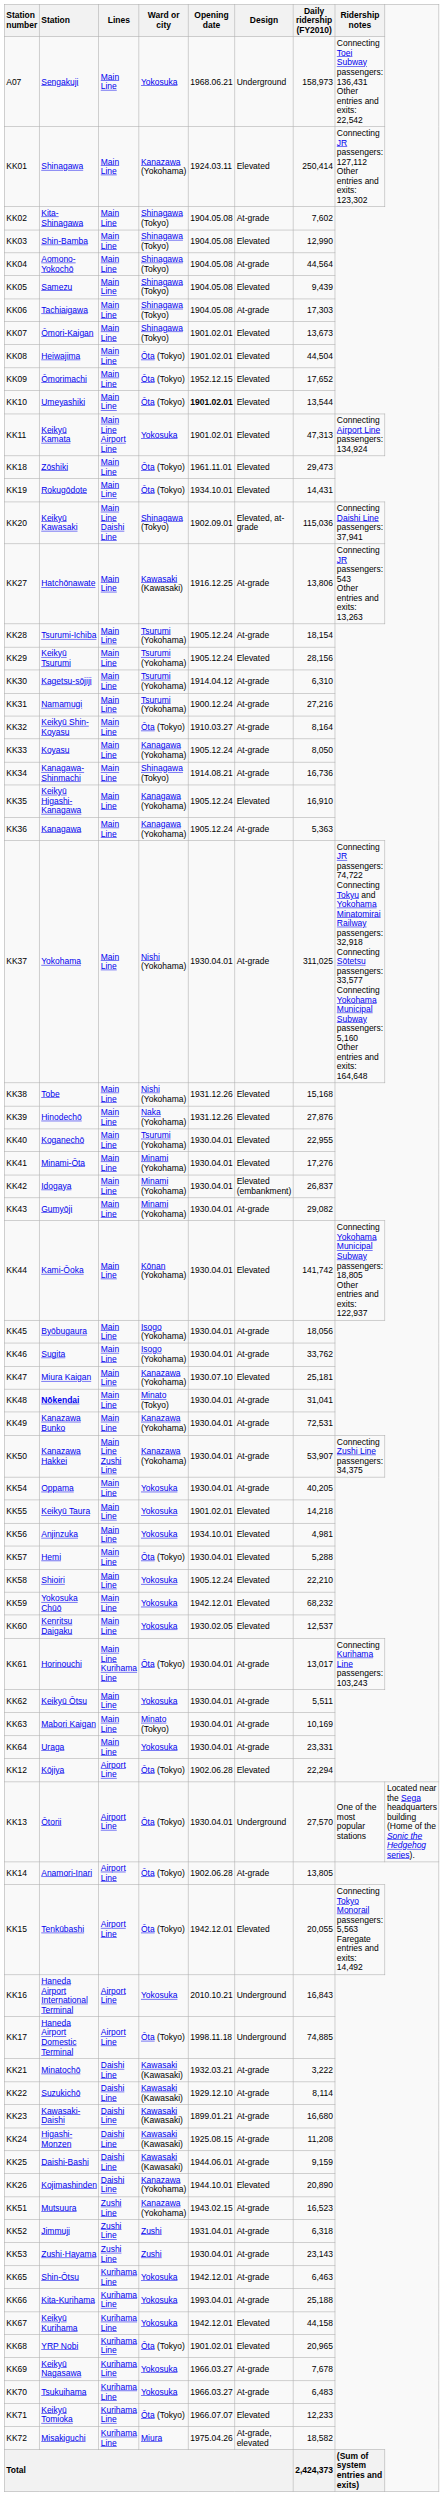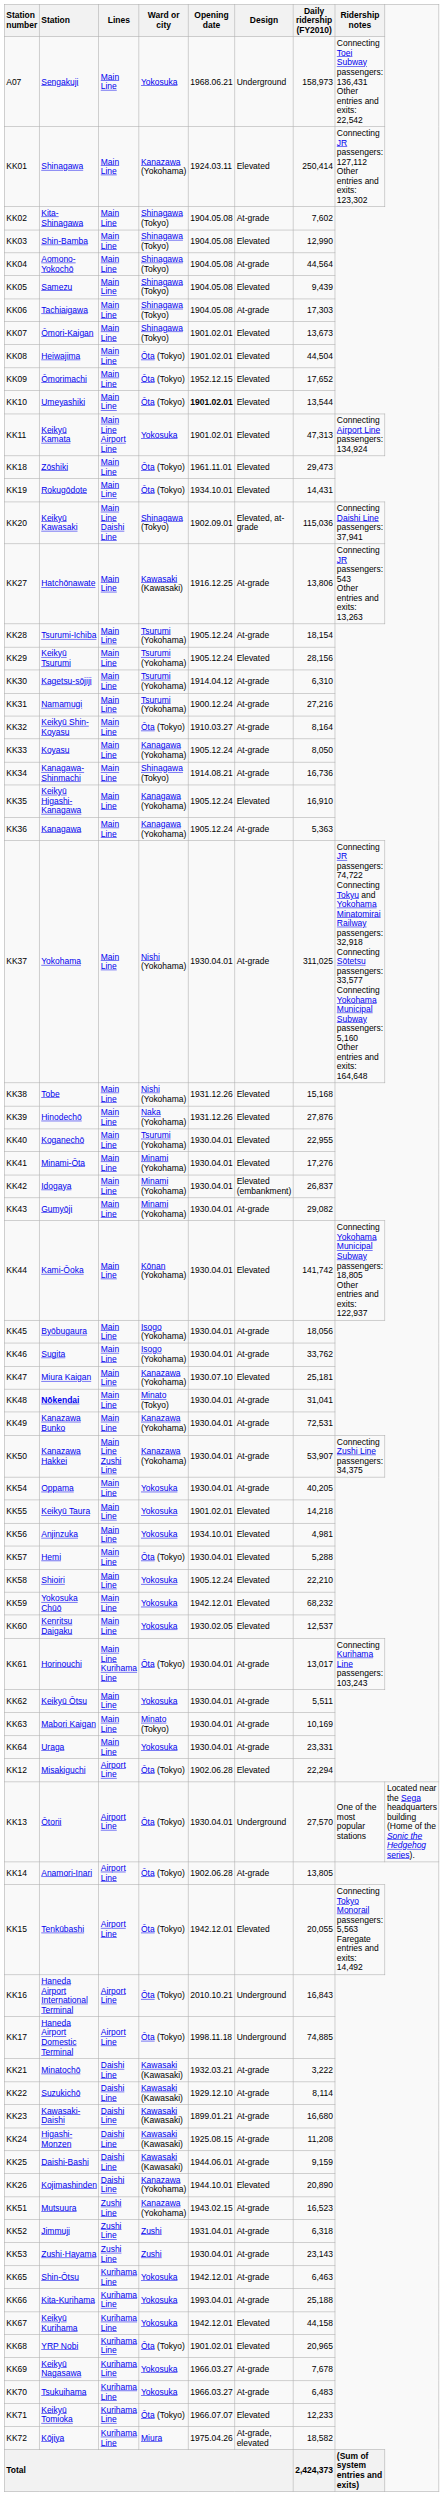 <table class="wikitable sortable">
 <tr>
 <th style="text-align:left">Station number</th>
 <th style="text-align:left">Station</th>
 <th>Lines</th>
 <th>Ward or city</th>
 <th>Opening date</th>
 <th>Design</th>
 <th>Daily ridership<br>(FY2010)</th>
 <th width="275">Ridership notes</th>
 </tr>
 <tr>
 <td>A07</td>
 <td><a href='#'>Sengakuji</a></td>
 <td><a href='#'>Main Line</a></td>
 <td><a href='#'>Yokosuka</a></td>
 <td>1968.06.21</td>
 <td>Underground</td>
 <td style=text-align:right>158,973</td>
 <td>Connecting <a href='#'>Toei Subway</a> passengers: 136,431<br>Other entries and exits: 22,542</td>
 </tr>
 <tr>
 <td>KK01</td>
 <td><a href='#'>Shinagawa</a></td>
 <td><a href='#'>Main Line</a></td>
 <td><a href='#'>Kanazawa</a> (Yokohama)</td>
 <td>1924.03.11</td>
 <td>Elevated</td>
 <td style=text-align:right>250,414</td>
 <td>Connecting <a href='#'>JR</a> passengers: 127,112<br>Other entries and exits: 123,302</td>
 </tr>
 <tr>
 <td>KK02</td>
 <td><a href='#'>Kita-Shinagawa</a></td>
 <td><a href='#'>Main Line</a></td>
 <td><a href='#'>Shinagawa</a> (Tokyo)</td>
 <td>1904.05.08</td>
 <td>At-grade</td>
 <td style=text-align:right>7,602</td>
 </tr>
 <tr>
 <td>KK03</td>
 <td><a href='#'>Shin-Bamba</a></td>
 <td><a href='#'>Main Line</a></td>
 <td><a href='#'>Shinagawa</a> (Tokyo)</td>
 <td>1904.05.08</td>
 <td>Elevated</td>
 <td style=text-align:right>12,990</td>
 </tr>
 <tr>
 <td>KK04</td>
 <td><a href='#'>Aomono-Yokochō</a></td>
 <td><a href='#'>Main Line</a></td>
 <td><a href='#'>Shinagawa</a> (Tokyo)</td>
 <td>1904.05.08</td>
 <td>At-grade</td>
 <td style=text-align:right>44,564</td>
 </tr>
 <tr>
 <td>KK05</td>
 <td><a href='#'>Samezu</a></td>
 <td><a href='#'>Main Line</a></td>
 <td><a href='#'>Shinagawa</a> (Tokyo)</td>
 <td>1904.05.08</td>
 <td>Elevated</td>
 <td style=text-align:right>9,439</td>
 </tr>
 <tr>
 <td>KK06</td>
 <td><a href='#'>Tachiaigawa</a></td>
 <td><a href='#'>Main Line</a></td>
 <td><a href='#'>Shinagawa</a> (Tokyo)</td>
 <td>1904.05.08</td>
 <td>At-grade</td>
 <td style=text-align:right>17,303</td>
 </tr>
 <tr>
 <td>KK07</td>
 <td><a href='#'>Ōmori-Kaigan</a></td>
 <td><a href='#'>Main Line</a></td>
 <td><a href='#'>Shinagawa</a> (Tokyo)</td>
 <td>1901.02.01</td>
 <td>Elevated</td>
 <td style=text-align:right>13,673</td>
 </tr>
 <tr>
 <td>KK08</td>
 <td><a href='#'>Heiwajima</a></td>
 <td><a href='#'>Main Line</a></td>
 <td><a href='#'>Ōta</a> (Tokyo)</td>
 <td>1901.02.01</td>
 <td>Elevated</td>
 <td style=text-align:right>44,504</td>
 </tr>
 <tr>
 <td>KK09</td>
 <td><a href='#'>Ōmorimachi</a></td>
 <td><a href='#'>Main Line</a></td>
 <td><a href='#'>Ōta</a> (Tokyo)</td>
 <td>1952.12.15</td>
 <td>Elevated</td>
 <td style=text-align:right>17,652</td>
 </tr>
 <tr>
 <td>KK10</td>
 <td><a href='#'>Umeyashiki</a></td>
 <td><a href='#'>Main Line</a></td>
 <td><a href='#'>Ōta</a> (Tokyo)</td>
 <td><strong>1901.02.01</strong></td>
 <td>Elevated</td>
 <td style=text-align:right>13,544</td>
 </tr>
 <tr>
 <td>KK11</td>
 <td><a href='#'>Keikyū Kamata</a></td>
 <td><a href='#'>Main Line</a><br><a href='#'>Airport Line</a></td>
 <td><a href='#'>Yokosuka</a></td>
 <td>1901.02.01</td>
 <td>Elevated</td>
 <td style=text-align:right>47,313</td>
 <td>Connecting <a href='#'>Airport Line</a> passengers: 134,924</td>
 </tr>
 <tr>
 <td>KK18</td>
 <td><a href='#'>Zōshiki</a></td>
 <td><a href='#'>Main Line</a></td>
 <td><a href='#'>Ōta</a> (Tokyo)</td>
 <td>1961.11.01</td>
 <td>Elevated</td>
 <td style=text-align:right>29,473</td>
 </tr>
 <tr>
 <td>KK19</td>
 <td><a href='#'>Rokugōdote</a></td>
 <td><a href='#'>Main Line</a></td>
 <td><a href='#'>Ōta</a> (Tokyo)</td>
 <td>1934.10.01</td>
 <td>Elevated</td>
 <td style=text-align:right>14,431</td>
 </tr>
 <tr>
 <td>KK20</td>
 <td><a href='#'>Keikyū Kawasaki</a></td>
 <td><a href='#'>Main Line</a><br><a href='#'>Daishi Line</a></td>
 <td><a href='#'>Shinagawa</a> (Tokyo)</td>
 <td>1902.09.01</td>
 <td>Elevated, at-grade</td>
 <td style=text-align:right>115,036</td>
 <td>Connecting <a href='#'>Daishi Line</a> passengers: 37,941</td>
 </tr>
 <tr>
 <td>KK27</td>
 <td><a href='#'>Hatchōnawate</a></td>
 <td><a href='#'>Main Line</a></td>
 <td><a href='#'>Kawasaki</a> (Kawasaki)</td>
 <td>1916.12.25</td>
 <td>At-grade</td>
 <td style=text-align:right>13,806</td>
 <td>Connecting <a href='#'>JR</a> passengers: 543<br>Other entries and exits: 13,263</td>
 </tr>
 <tr>
 <td>KK28</td>
 <td><a href='#'>Tsurumi-Ichiba</a></td>
 <td><a href='#'>Main Line</a></td>
 <td><a href='#'>Tsurumi</a> (Yokohama)</td>
 <td>1905.12.24</td>
 <td>At-grade</td>
 <td style=text-align:right>18,154</td>
 </tr>
 <tr>
 <td>KK29</td>
 <td><a href='#'>Keikyū Tsurumi</a></td>
 <td><a href='#'>Main Line</a></td>
 <td><a href='#'>Tsurumi</a> (Yokohama)</td>
 <td>1905.12.24</td>
 <td>Elevated</td>
 <td style=text-align:right>28,156</td>
 </tr>
 <tr>
 <td>KK30</td>
 <td><a href='#'>Kagetsu-sōjiji</a></td>
 <td><a href='#'>Main Line</a></td>
 <td><a href='#'>Tsurumi</a> (Yokohama)</td>
 <td>1914.04.12</td>
 <td>At-grade</td>
 <td style=text-align:right>6,310</td>
 </tr>
 <tr>
 <td>KK31</td>
 <td><a href='#'>Namamugi</a></td>
 <td><a href='#'>Main Line</a></td>
 <td><a href='#'>Tsurumi</a> (Yokohama)</td>
 <td>1900.12.24</td>
 <td>At-grade</td>
 <td style=text-align:right>27,216</td>
 </tr>
 <tr>
 <td>KK32</td>
 <td><a href='#'>Keikyū Shin-Koyasu</a></td>
 <td><a href='#'>Main Line</a></td>
 <td><a href='#'>Ōta</a> (Tokyo)</td>
 <td>1910.03.27</td>
 <td>At-grade</td>
 <td style=text-align:right>8,164</td>
 </tr>
 <tr>
 <td>KK33</td>
 <td><a href='#'>Koyasu</a></td>
 <td><a href='#'>Main Line</a></td>
 <td><a href='#'>Kanagawa</a> (Yokohama)</td>
 <td>1905.12.24</td>
 <td>At-grade</td>
 <td style=text-align:right>8,050</td>
 </tr>
 <tr>
 <td>KK34</td>
 <td><a href='#'>Kanagawa-Shinmachi</a></td>
 <td><a href='#'>Main Line</a></td>
 <td><a href='#'>Shinagawa</a> (Tokyo)</td>
 <td>1914.08.21</td>
 <td>At-grade</td>
 <td style=text-align:right>16,736</td>
 </tr>
 <tr>
 <td>KK35</td>
 <td><a href='#'>Keikyū Higashi-Kanagawa</a></td>
 <td><a href='#'>Main Line</a></td>
 <td><a href='#'>Kanagawa</a> (Yokohama)</td>
 <td>1905.12.24</td>
 <td>Elevated</td>
 <td style=text-align:right>16,910</td>
 </tr>
 <tr>
 <td>KK36</td>
 <td><a href='#'>Kanagawa</a></td>
 <td><a href='#'>Main Line</a></td>
 <td><a href='#'>Kanagawa</a> (Yokohama)</td>
 <td>1905.12.24</td>
 <td>At-grade</td>
 <td style=text-align:right>5,363</td>
 </tr>
 <tr>
 <td>KK37</td>
 <td><a href='#'>Yokohama</a></td>
 <td><a href='#'>Main Line</a></td>
 <td><a href='#'>Nishi</a> (Yokohama)</td>
 <td>1930.04.01</td>
 <td>At-grade</td>
 <td style=text-align:right>311,025</td>
 <td>Connecting <a href='#'>JR</a> passengers: 74,722<br>Connecting <a href='#'>Tokyu</a> and <a href='#'>Yokohama Minatomirai Railway</a> passengers: 32,918<br>Connecting <a href='#'>Sōtetsu</a> passengers: 33,577<br>Connecting <a href='#'>Yokohama Municipal Subway</a> passengers: 5,160<br>Other entries and exits: 164,648</td>
 </tr>
 <tr>
 <td>KK38</td>
 <td><a href='#'>Tobe</a></td>
 <td><a href='#'>Main Line</a></td>
 <td><a href='#'>Nishi</a> (Yokohama)</td>
 <td>1931.12.26</td>
 <td>Elevated</td>
 <td style=text-align:right>15,168</td>
 </tr>
 <tr>
 <td>KK39</td>
 <td><a href='#'>Hinodechō</a></td>
 <td><a href='#'>Main Line</a></td>
 <td><a href='#'>Naka</a> (Yokohama)</td>
 <td>1931.12.26</td>
 <td>Elevated</td>
 <td style=text-align:right>27,876</td>
 </tr>
 <tr>
 <td>KK40</td>
 <td><a href='#'>Koganechō</a></td>
 <td><a href='#'>Main Line</a></td>
 <td><a href='#'>Tsurumi</a> (Yokohama)</td>
 <td>1930.04.01</td>
 <td>Elevated</td>
 <td style=text-align:right>22,955</td>
 </tr>
 <tr>
 <td>KK41</td>
 <td><a href='#'>Minami-Ōta</a></td>
 <td><a href='#'>Main Line</a></td>
 <td><a href='#'>Minami</a> (Yokohama)</td>
 <td>1930.04.01</td>
 <td>Elevated</td>
 <td style=text-align:right>17,276</td>
 </tr>
 <tr>
 <td>KK42</td>
 <td><a href='#'>Idogaya</a></td>
 <td><a href='#'>Main Line</a></td>
 <td><a href='#'>Minami</a> (Yokohama)</td>
 <td>1930.04.01</td>
 <td>Elevated (embankment)</td>
 <td style=text-align:right>26,837</td>
 </tr>
 <tr>
 <td>KK43</td>
 <td><a href='#'>Gumyōji</a></td>
 <td><a href='#'>Main Line</a></td>
 <td><a href='#'>Minami</a> (Yokohama)</td>
 <td>1930.04.01</td>
 <td>At-grade</td>
 <td style=text-align:right>29,082</td>
 </tr>
 <tr>
 <td>KK44</td>
 <td><a href='#'>Kami-Ōoka</a></td>
 <td><a href='#'>Main Line</a></td>
 <td><a href='#'>Kōnan</a> (Yokohama)</td>
 <td>1930.04.01</td>
 <td>Elevated</td>
 <td style=text-align:right>141,742</td>
 <td>Connecting <a href='#'>Yokohama Municipal Subway</a> passengers: 18,805<br>Other entries and exits: 122,937</td>
 </tr>
 <tr>
 <td>KK45</td>
 <td><a href='#'>Byōbugaura</a></td>
 <td><a href='#'>Main Line</a></td>
 <td><a href='#'>Isogo</a> (Yokohama)</td>
 <td>1930.04.01</td>
 <td>At-grade</td>
 <td style=text-align:right>18,056</td>
 </tr>
 <tr>
 <td>KK46</td>
 <td><a href='#'>Sugita</a></td>
 <td><a href='#'>Main Line</a></td>
 <td><a href='#'>Isogo</a> (Yokohama)</td>
 <td>1930.04.01</td>
 <td>At-grade</td>
 <td style=text-align:right>33,762</td>
 </tr>
 <tr>
 <td>KK47</td>
 <td><a href='#'>Miura Kaigan</a></td>
 <td><a href='#'>Main Line</a></td>
 <td><a href='#'>Kanazawa</a> (Yokohama)</td>
 <td>1930.07.10</td>
 <td>Elevated</td>
 <td style=text-align:right>25,181</td>
 </tr>
 <tr>
 <td>KK48</td>
 <td><strong><a href='#'>Nōkendai</a></strong></td>
 <td><a href='#'>Main Line</a></td>
 <td><a href='#'>Minato</a> (Tokyo)</td>
 <td>1930.04.01</td>
 <td>At-grade</td>
 <td style=text-align:right>31,041</td>
 </tr>
 <tr>
 <td>KK49</td>
 <td><a href='#'>Kanazawa Bunko</a></td>
 <td><a href='#'>Main Line</a></td>
 <td><a href='#'>Kanazawa</a> (Yokohama)</td>
 <td>1930.04.01</td>
 <td>At-grade</td>
 <td style=text-align:right>72,531</td>
 </tr>
 <tr>
 <td>KK50</td>
 <td><a href='#'>Kanazawa Hakkei</a></td>
 <td><a href='#'>Main Line</a><br><a href='#'>Zushi Line</a></td>
 <td><a href='#'>Kanazawa</a> (Yokohama)</td>
 <td>1930.04.01</td>
 <td>At-grade</td>
 <td style=text-align:right>53,907</td>
 <td>Connecting <a href='#'>Zushi Line</a> passengers: 34,375</td>
 </tr>
 <tr>
 <td>KK54</td>
 <td><a href='#'>Oppama</a></td>
 <td><a href='#'>Main Line</a></td>
 <td><a href='#'>Yokosuka</a></td>
 <td>1930.04.01</td>
 <td>At-grade</td>
 <td style=text-align:right>40,205</td>
 </tr>
 <tr>
 <td>KK55</td>
 <td><a href='#'>Keikyū Taura</a></td>
 <td><a href='#'>Main Line</a></td>
 <td><a href='#'>Yokosuka</a></td>
 <td>1901.02.01</td>
 <td>Elevated</td>
 <td style=text-align:right>14,218</td>
 </tr>
 <tr>
 <td>KK56</td>
 <td><a href='#'>Anjinzuka</a></td>
 <td><a href='#'>Main Line</a></td>
 <td><a href='#'>Yokosuka</a></td>
 <td>1934.10.01</td>
 <td>Elevated</td>
 <td style=text-align:right>4,981</td>
 </tr>
 <tr>
 <td>KK57</td>
 <td><a href='#'>Hemi</a></td>
 <td><a href='#'>Main Line</a></td>
 <td><a href='#'>Ōta</a> (Tokyo)</td>
 <td>1930.04.01</td>
 <td>Elevated</td>
 <td style=text-align:right>5,288</td>
 </tr>
 <tr>
 <td>KK58</td>
 <td><a href='#'>Shioiri</a></td>
 <td><a href='#'>Main Line</a></td>
 <td><a href='#'>Yokosuka</a></td>
 <td>1905.12.24</td>
 <td>Elevated</td>
 <td style=text-align:right>22,210</td>
 </tr>
 <tr>
 <td>KK59</td>
 <td><a href='#'>Yokosuka Chūō</a></td>
 <td><a href='#'>Main Line</a></td>
 <td><a href='#'>Yokosuka</a></td>
 <td>1942.12.01</td>
 <td>Elevated</td>
 <td style=text-align:right>68,232</td>
 </tr>
 <tr>
 <td>KK60</td>
 <td><a href='#'>Kenritsu Daigaku</a></td>
 <td><a href='#'>Main Line</a></td>
 <td><a href='#'>Yokosuka</a></td>
 <td>1930.02.05</td>
 <td>Elevated</td>
 <td style=text-align:right>12,537</td>
 </tr>
 <tr>
 <td>KK61</td>
 <td><a href='#'>Horinouchi</a></td>
 <td><a href='#'>Main Line</a><br><a href='#'>Kurihama Line</a></td>
 <td><a href='#'>Ōta</a> (Tokyo)</td>
 <td>1930.04.01</td>
 <td>At-grade</td>
 <td style=text-align:right>13,017</td>
 <td>Connecting <a href='#'>Kurihama Line</a> passengers: 103,243</td>
 </tr>
 <tr>
 <td>KK62</td>
 <td><a href='#'>Keikyū Ōtsu</a></td>
 <td><a href='#'>Main Line</a></td>
 <td><a href='#'>Yokosuka</a></td>
 <td>1930.04.01</td>
 <td>At-grade</td>
 <td style=text-align:right>5,511</td>
 </tr>
 <tr>
 <td>KK63</td>
 <td><a href='#'>Mabori Kaigan</a></td>
 <td><a href='#'>Main Line</a></td>
 <td><a href='#'>Minato</a> (Tokyo)</td>
 <td>1930.04.01</td>
 <td>At-grade</td>
 <td style=text-align:right>10,169</td>
 </tr>
 <tr>
 <td>KK64</td>
 <td><a href='#'>Uraga</a></td>
 <td><a href='#'>Main Line</a></td>
 <td><a href='#'>Yokosuka</a></td>
 <td>1930.04.01</td>
 <td>At-grade</td>
 <td style=text-align:right>23,331</td>
 </tr>
 <tr>
 <td>KK12</td>
-<td><a href='#'>Kōjiya</a></td>
+<td><a href='#'>Misakiguchi</a></td>
 <td><a href='#'>Airport Line</a></td>
 <td><a href='#'>Ōta</a> (Tokyo)</td>
 <td>1902.06.28</td>
 <td>Elevated</td>
 <td style=text-align:right>22,294</td>
 </tr>
 <tr>
 <td>KK13</td>
 <td><a href='#'>Ōtorii</a></td>
 <td><a href='#'>Airport Line</a></td>
 <td><a href='#'>Ōta</a> (Tokyo)</td>
 <td>1930.04.01</td>
 <td>Underground</td>
 <td style=text-align:right>27,570</td>
 <td>One of the most popular stations</td>
 <td>Located near the <a href='#'>Sega</a> headquarters building (Home of the <a href='#'><em>Sonic the Hedgehog</em> series</a>).</td>
 </tr>
 <tr>
 <td>KK14</td>
 <td><a href='#'>Anamori-Inari</a></td>
 <td><a href='#'>Airport Line</a></td>
 <td><a href='#'>Ōta</a> (Tokyo)</td>
 <td>1902.06.28</td>
 <td>At-grade</td>
 <td style=text-align:right>13,805</td>
 </tr>
 <tr>
 <td>KK15</td>
 <td><a href='#'>Tenkūbashi</a></td>
 <td><a href='#'>Airport Line</a></td>
 <td><a href='#'>Ōta</a> (Tokyo)</td>
 <td>1942.12.01</td>
 <td>Elevated</td>
 <td style=text-align:right>20,055</td>
 <td>Connecting <a href='#'>Tokyo Monorail</a> passengers: 5,563<br>Faregate entries and exits: 14,492</td>
 </tr>
 <tr>
 <td>KK16</td>
 <td><a href='#'>Haneda Airport International Terminal</a></td>
 <td><a href='#'>Airport Line</a></td>
-<td><a href='#'>Yokosuka</a></td>
+<td><a href='#'>Ōta</a> (Tokyo)</td>
 <td>2010.10.21</td>
 <td>Underground</td>
 <td style=text-align:right>16,843</td>
 </tr>
 <tr>
 <td>KK17</td>
 <td><a href='#'>Haneda Airport Domestic Terminal</a></td>
 <td><a href='#'>Airport Line</a></td>
 <td><a href='#'>Ōta</a> (Tokyo)</td>
 <td>1998.11.18</td>
 <td>Underground</td>
 <td style=text-align:right>74,885</td>
 </tr>
 <tr>
 <td>KK21</td>
 <td><a href='#'>Minatochō</a></td>
 <td><a href='#'>Daishi Line</a></td>
 <td><a href='#'>Kawasaki</a> (Kawasaki)</td>
 <td>1932.03.21</td>
 <td>At-grade</td>
 <td style=text-align:right>3,222</td>
 </tr>
 <tr>
 <td>KK22</td>
 <td><a href='#'>Suzukichō</a></td>
 <td><a href='#'>Daishi Line</a></td>
 <td><a href='#'>Kawasaki</a> (Kawasaki)</td>
 <td>1929.12.10</td>
 <td>At-grade</td>
 <td style=text-align:right>8,114</td>
 </tr>
 <tr>
 <td>KK23</td>
 <td><a href='#'>Kawasaki-Daishi</a></td>
 <td><a href='#'>Daishi Line</a></td>
 <td><a href='#'>Kawasaki</a> (Kawasaki)</td>
 <td>1899.01.21</td>
 <td>At-grade</td>
 <td style=text-align:right>16,680</td>
 </tr>
 <tr>
 <td>KK24</td>
 <td><a href='#'>Higashi-Monzen</a></td>
 <td><a href='#'>Daishi Line</a></td>
 <td><a href='#'>Kawasaki</a> (Kawasaki)</td>
 <td>1925.08.15</td>
 <td>At-grade</td>
 <td style=text-align:right>11,208</td>
 </tr>
 <tr>
 <td>KK25</td>
 <td><a href='#'>Daishi-Bashi</a></td>
 <td><a href='#'>Daishi Line</a></td>
 <td><a href='#'>Kawasaki</a> (Kawasaki)</td>
 <td>1944.06.01</td>
 <td>At-grade</td>
 <td style=text-align:right>9,159</td>
 </tr>
 <tr>
 <td>KK26</td>
 <td><a href='#'>Kojimashinden</a></td>
 <td><a href='#'>Daishi Line</a></td>
 <td><a href='#'>Kanazawa</a> (Yokohama)</td>
 <td>1944.10.01</td>
 <td>Elevated</td>
 <td style=text-align:right>20,890</td>
 </tr>
 <tr>
 <td>KK51</td>
 <td><a href='#'>Mutsuura</a></td>
 <td><a href='#'>Zushi Line</a></td>
 <td><a href='#'>Kanazawa</a> (Yokohama)</td>
 <td>1943.02.15</td>
 <td>At-grade</td>
 <td style=text-align:right>16,523</td>
 </tr>
 <tr>
 <td>KK52</td>
 <td><a href='#'>Jimmuji</a></td>
 <td><a href='#'>Zushi Line</a></td>
 <td><a href='#'>Zushi</a></td>
 <td>1931.04.01</td>
 <td>At-grade</td>
 <td style=text-align:right>6,318</td>
 </tr>
 <tr>
 <td>KK53</td>
 <td><a href='#'>Zushi·Hayama</a></td>
 <td><a href='#'>Zushi Line</a></td>
 <td><a href='#'>Zushi</a></td>
 <td>1930.04.01</td>
 <td>At-grade</td>
 <td style=text-align:right>23,143</td>
 </tr>
 <tr>
 <td>KK65</td>
 <td><a href='#'>Shin-Ōtsu</a></td>
 <td><a href='#'>Kurihama Line</a></td>
 <td><a href='#'>Yokosuka</a></td>
 <td>1942.12.01</td>
 <td>At-grade</td>
 <td style=text-align:right>6,463</td>
 </tr>
 <tr>
 <td>KK66</td>
 <td><a href='#'>Kita-Kurihama</a></td>
 <td><a href='#'>Kurihama Line</a></td>
 <td><a href='#'>Yokosuka</a></td>
 <td>1993.04.01</td>
 <td>At-grade</td>
 <td style=text-align:right>25,188</td>
 </tr>
 <tr>
 <td>KK67</td>
 <td><a href='#'>Keikyū Kurihama</a></td>
 <td><a href='#'>Kurihama Line</a></td>
 <td><a href='#'>Yokosuka</a></td>
 <td>1942.12.01</td>
 <td>Elevated</td>
 <td style=text-align:right>44,158</td>
 </tr>
 <tr>
 <td>KK68</td>
 <td><a href='#'>YRP Nobi</a></td>
 <td><a href='#'>Kurihama Line</a></td>
 <td><a href='#'>Ōta</a> (Tokyo)</td>
 <td>1901.02.01</td>
 <td>Elevated</td>
 <td style=text-align:right>20,965</td>
 </tr>
 <tr>
 <td>KK69</td>
 <td><a href='#'>Keikyū Nagasawa</a></td>
 <td><a href='#'>Kurihama Line</a></td>
 <td><a href='#'>Yokosuka</a></td>
 <td>1966.03.27</td>
 <td>At-grade</td>
 <td style=text-align:right>7,678</td>
 </tr>
 <tr>
 <td>KK70</td>
 <td><a href='#'>Tsukuihama</a></td>
 <td><a href='#'>Kurihama Line</a></td>
 <td><a href='#'>Yokosuka</a></td>
 <td>1966.03.27</td>
 <td>At-grade</td>
 <td style=text-align:right>6,483</td>
 </tr>
 <tr>
 <td>KK71</td>
 <td><a href='#'>Keikyū Tomioka</a></td>
 <td><a href='#'>Kurihama Line</a></td>
 <td><a href='#'>Ōta</a> (Tokyo)</td>
 <td>1966.07.07</td>
 <td>Elevated</td>
 <td style=text-align:right>12,233</td>
 </tr>
 <tr>
 <td>KK72</td>
-<td><a href='#'>Misakiguchi</a></td>
+<td><a href='#'>Kōjiya</a></td>
 <td><a href='#'>Kurihama Line</a></td>
 <td><a href='#'>Miura</a></td>
 <td>1975.04.26</td>
 <td>At-grade, elevated</td>
 <td style=text-align:right>18,582</td>
 </tr>
 <tr class="sortbottom" style="background:#f2f2f2; font-weight: bold;">
 <td colspan="6">Total</td>
 <td style="text-align:right">2,424,373</td>
 <td>(Sum of system entries and exits)</td>
 </tr>
 </table>
